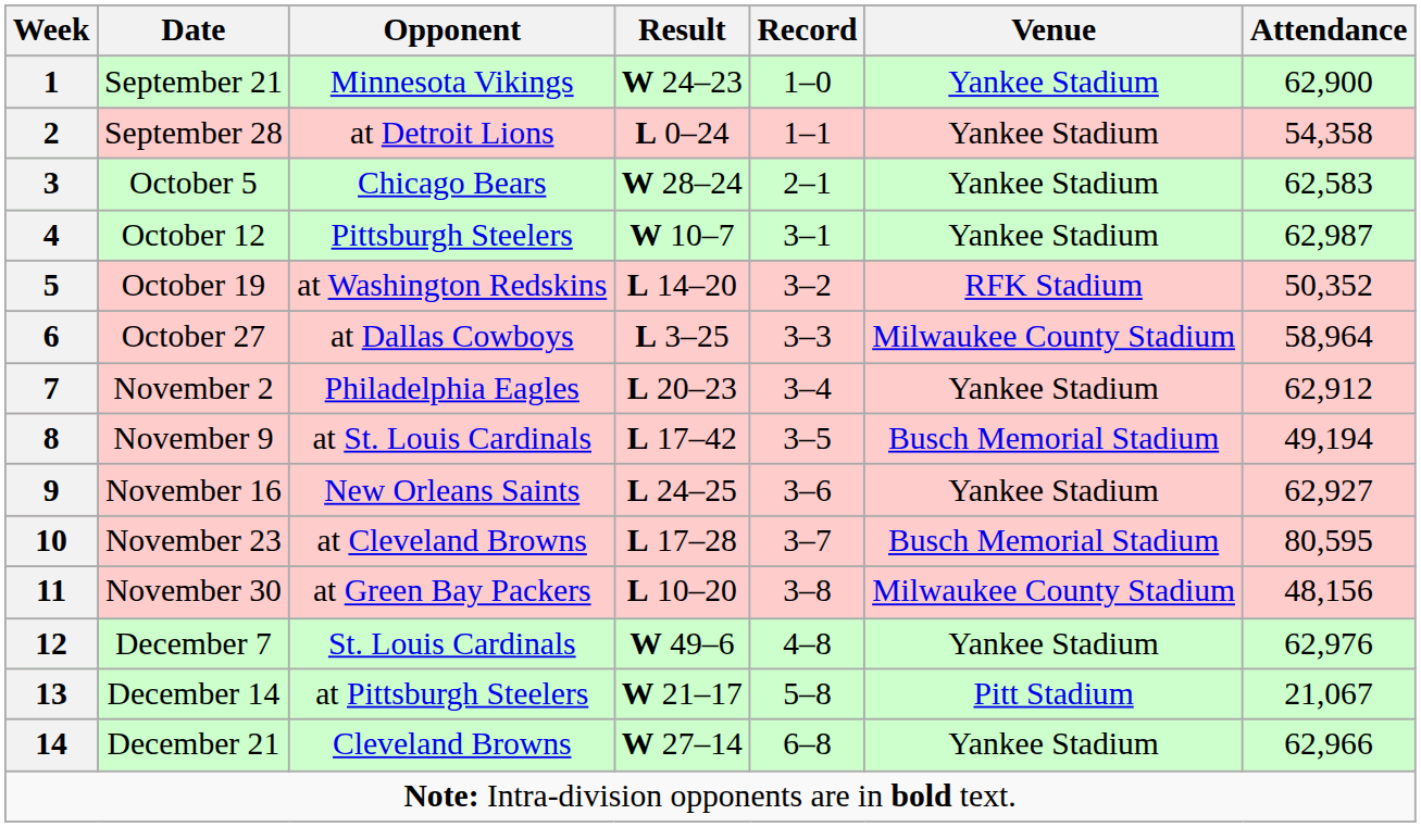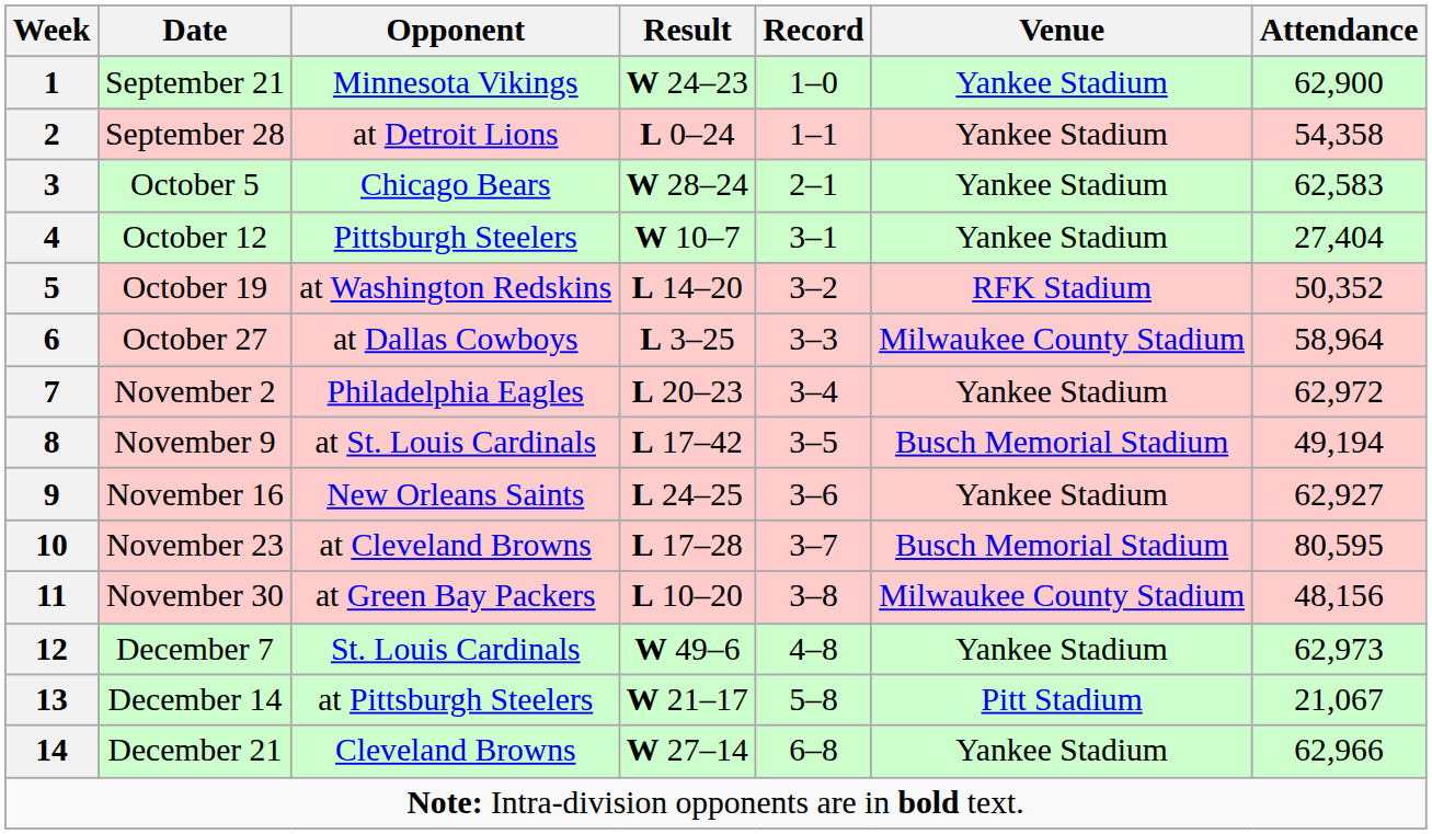 <table class="wikitable" style="text-align:center">
 <tr>
 <th>Week</th>
 <th>Date</th>
 <th>Opponent</th>
 <th>Result</th>
 <th>Record</th>
 <th>Venue</th>
 <th>Attendance</th>
 </tr>
 <tr style="background:#cfc">
 <th>1</th>
 <td>September 21</td>
 <td><a href='#'>Minnesota Vikings</a></td>
 <td><strong>W</strong> 24–23</td>
 <td>1–0</td>
 <td><a href='#'>Yankee Stadium</a></td>
 <td>62,900</td>
 </tr>
 <tr style="background:#fcc">
 <th>2</th>
 <td>September 28</td>
 <td>at <a href='#'>Detroit Lions</a></td>
 <td><strong>L</strong> 0–24</td>
 <td>1–1</td>
 <td>Yankee Stadium</td>
 <td>54,358</td>
 </tr>
 <tr style="background:#cfc">
 <th>3</th>
 <td>October 5</td>
 <td><a href='#'>Chicago Bears</a></td>
 <td><strong>W</strong> 28–24</td>
 <td>2–1</td>
 <td>Yankee Stadium</td>
 <td>62,583</td>
 </tr>
 <tr style="background:#cfc">
 <th>4</th>
 <td>October 12</td>
 <td><a href='#'>Pittsburgh Steelers</a></td>
 <td><strong>W</strong> 10–7</td>
 <td>3–1</td>
 <td>Yankee Stadium</td>
-<td>62,987</td>
+<td>27,404</td>
 </tr>
 <tr style="background:#fcc">
 <th>5</th>
 <td>October 19</td>
 <td>at <a href='#'>Washington Redskins</a></td>
 <td><strong>L</strong> 14–20</td>
 <td>3–2</td>
 <td><a href='#'>RFK Stadium</a></td>
 <td>50,352</td>
 </tr>
 <tr style="background:#fcc">
 <th>6</th>
 <td>October 27</td>
 <td>at <a href='#'>Dallas Cowboys</a></td>
 <td><strong>L</strong> 3–25</td>
 <td>3–3</td>
 <td><a href='#'>Milwaukee County Stadium</a></td>
 <td>58,964</td>
 </tr>
 <tr style="background:#fcc">
 <th>7</th>
 <td>November 2</td>
 <td><a href='#'>Philadelphia Eagles</a></td>
 <td><strong>L</strong> 20–23</td>
 <td>3–4</td>
 <td>Yankee Stadium</td>
-<td>62,912</td>
+<td>62,972</td>
 </tr>
 <tr style="background:#fcc">
 <th>8</th>
 <td>November 9</td>
 <td>at <a href='#'>St. Louis Cardinals</a></td>
 <td><strong>L</strong> 17–42</td>
 <td>3–5</td>
 <td><a href='#'>Busch Memorial Stadium</a></td>
 <td>49,194</td>
 </tr>
 <tr style="background:#fcc">
 <th>9</th>
 <td>November 16</td>
 <td><a href='#'>New Orleans Saints</a></td>
 <td><strong>L</strong> 24–25</td>
 <td>3–6</td>
 <td>Yankee Stadium</td>
 <td>62,927</td>
 </tr>
 <tr style="background:#fcc">
 <th>10</th>
 <td>November 23</td>
 <td>at <a href='#'>Cleveland Browns</a></td>
 <td><strong>L</strong> 17–28</td>
 <td>3–7</td>
 <td><a href='#'>Busch Memorial Stadium</a></td>
 <td>80,595</td>
 </tr>
 <tr style="background:#fcc">
 <th>11</th>
 <td>November 30</td>
 <td>at <a href='#'>Green Bay Packers</a></td>
 <td><strong>L</strong> 10–20</td>
 <td>3–8</td>
 <td><a href='#'>Milwaukee County Stadium</a></td>
 <td>48,156</td>
 </tr>
 <tr style="background:#cfc">
 <th>12</th>
 <td>December 7</td>
 <td><a href='#'>St. Louis Cardinals</a></td>
 <td><strong>W</strong> 49–6</td>
 <td>4–8</td>
 <td>Yankee Stadium</td>
-<td>62,976</td>
+<td>62,973</td>
 </tr>
 <tr style="background:#cfc">
 <th>13</th>
 <td>December 14</td>
 <td>at <a href='#'>Pittsburgh Steelers</a></td>
 <td><strong>W</strong> 21–17</td>
 <td>5–8</td>
 <td><a href='#'>Pitt Stadium</a></td>
 <td>21,067</td>
 </tr>
 <tr style="background:#cfc">
 <th>14</th>
 <td>December 21</td>
 <td><a href='#'>Cleveland Browns</a></td>
 <td><strong>W</strong> 27–14</td>
 <td>6–8</td>
 <td>Yankee Stadium</td>
 <td>62,966</td>
 </tr>
 <tr>
 <td colspan="8"><strong>Note:</strong> Intra-division opponents are in <strong>bold</strong> text.</td>
 </tr>
 </table>
